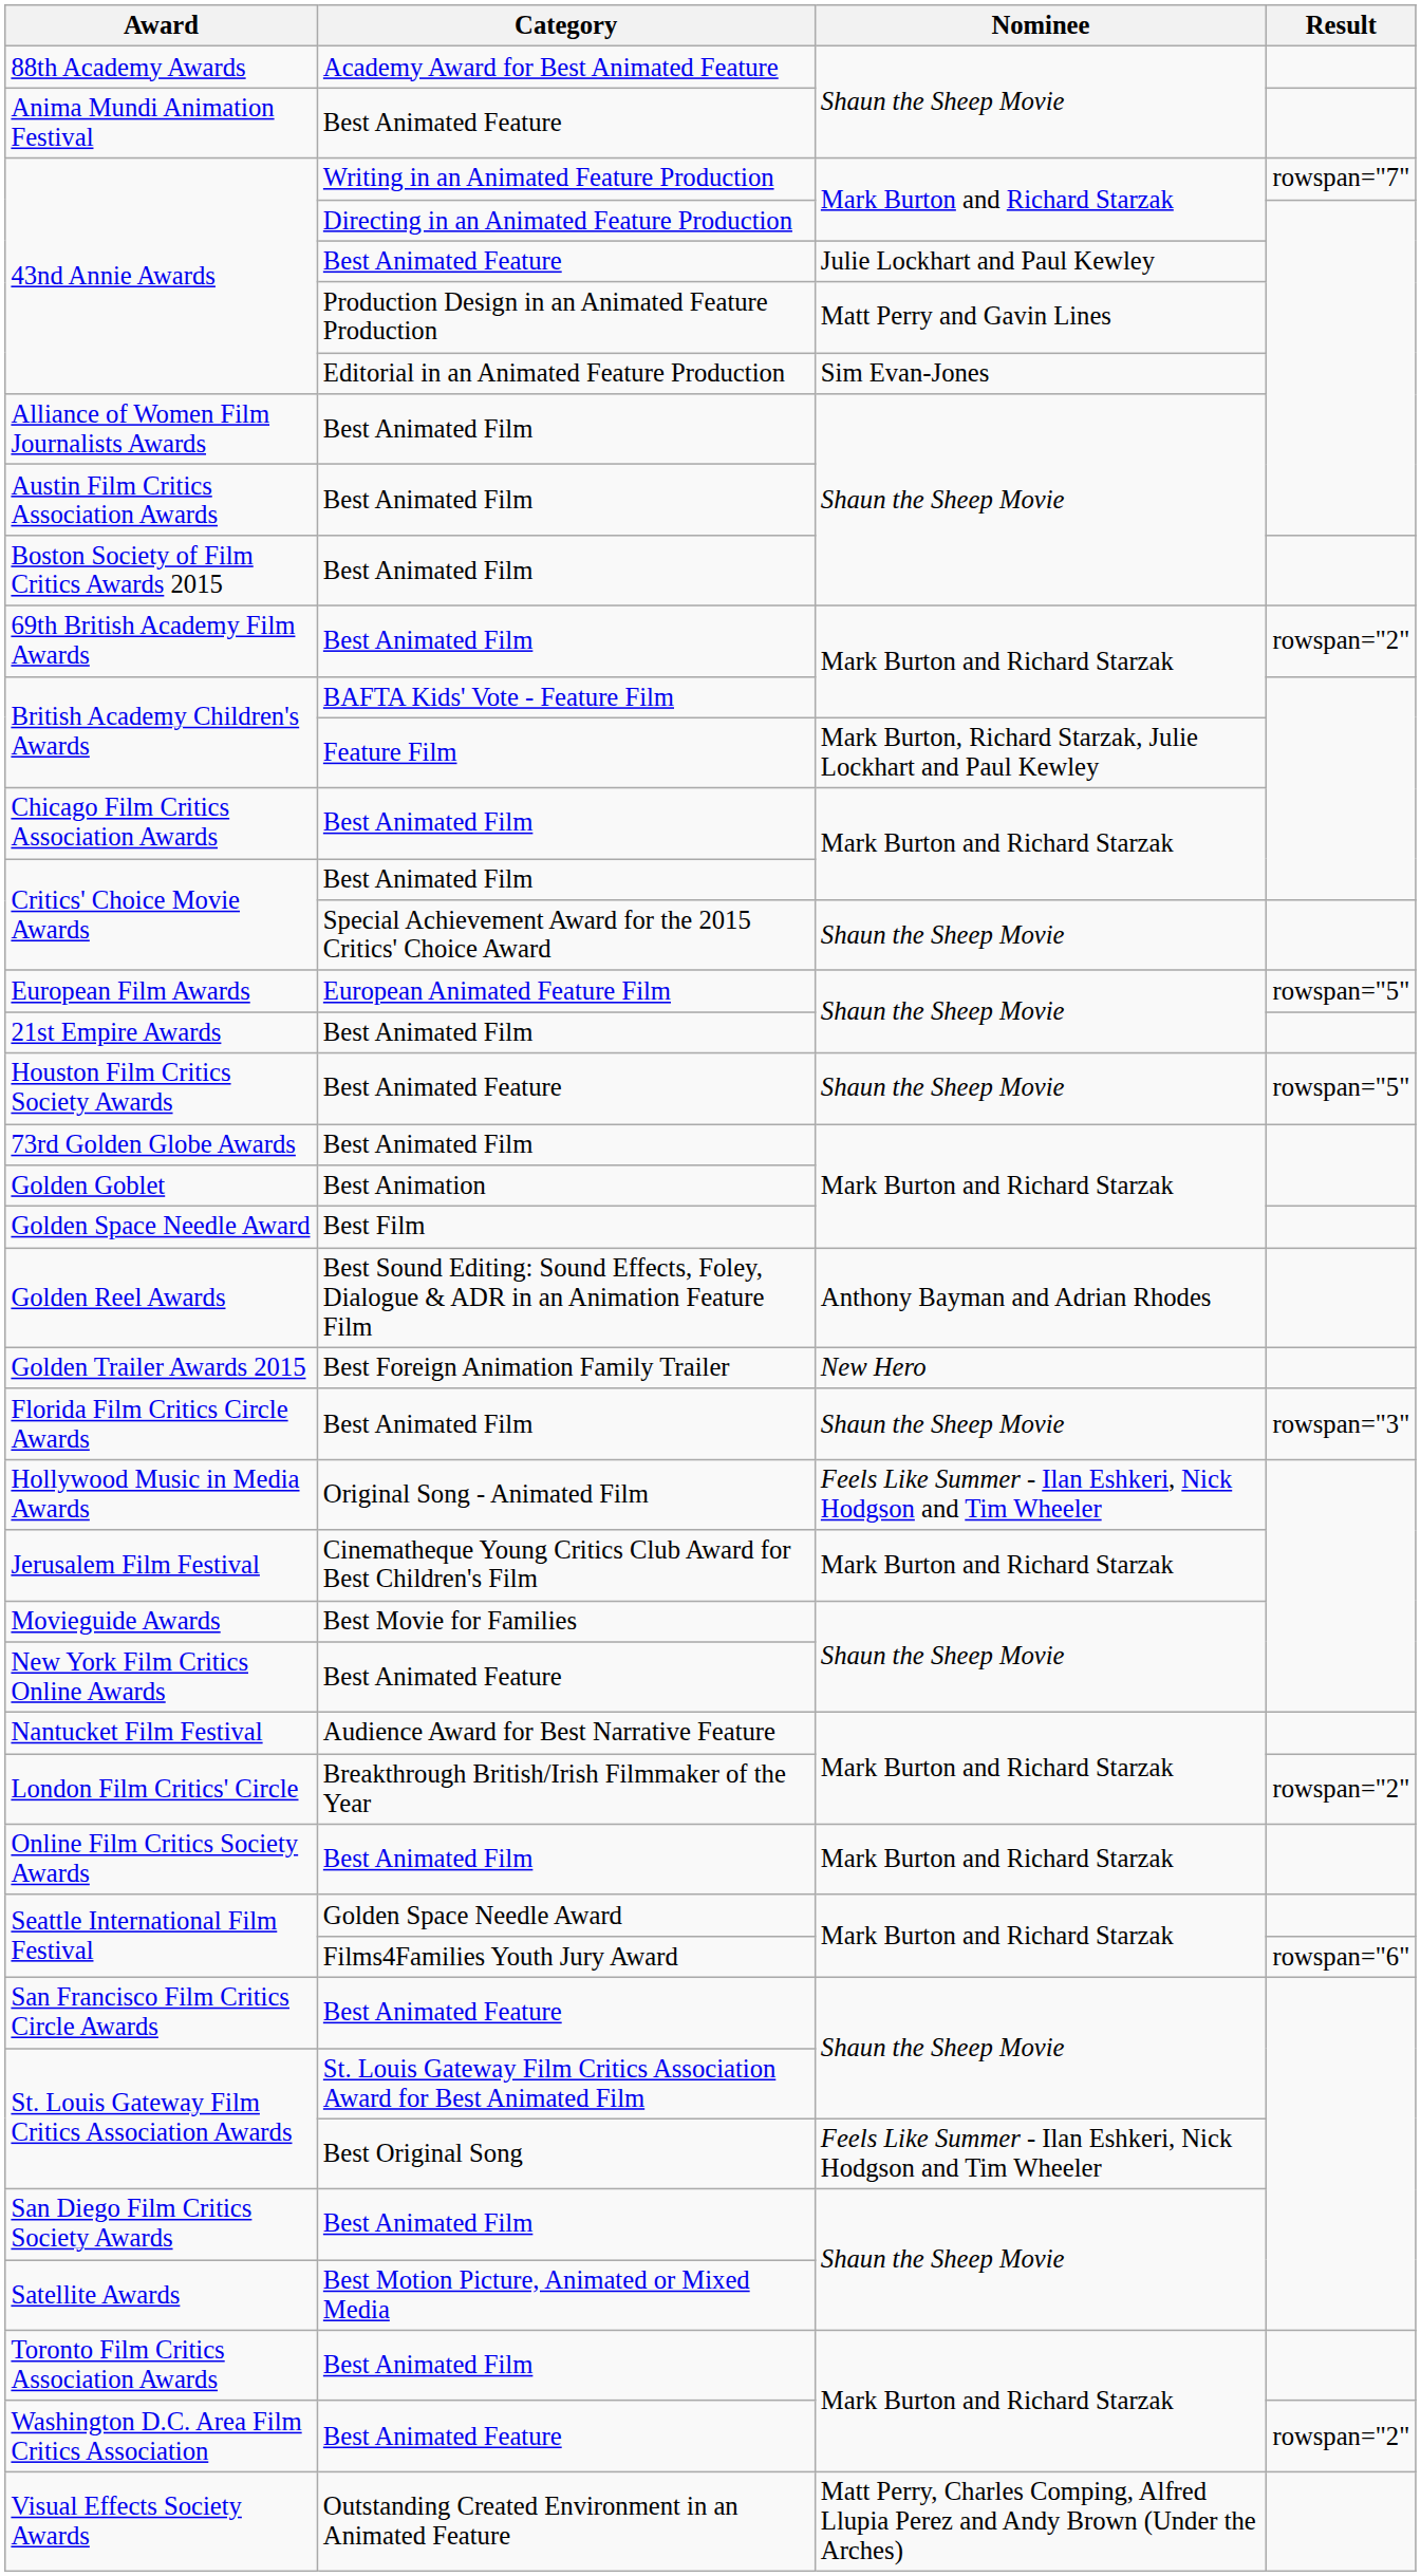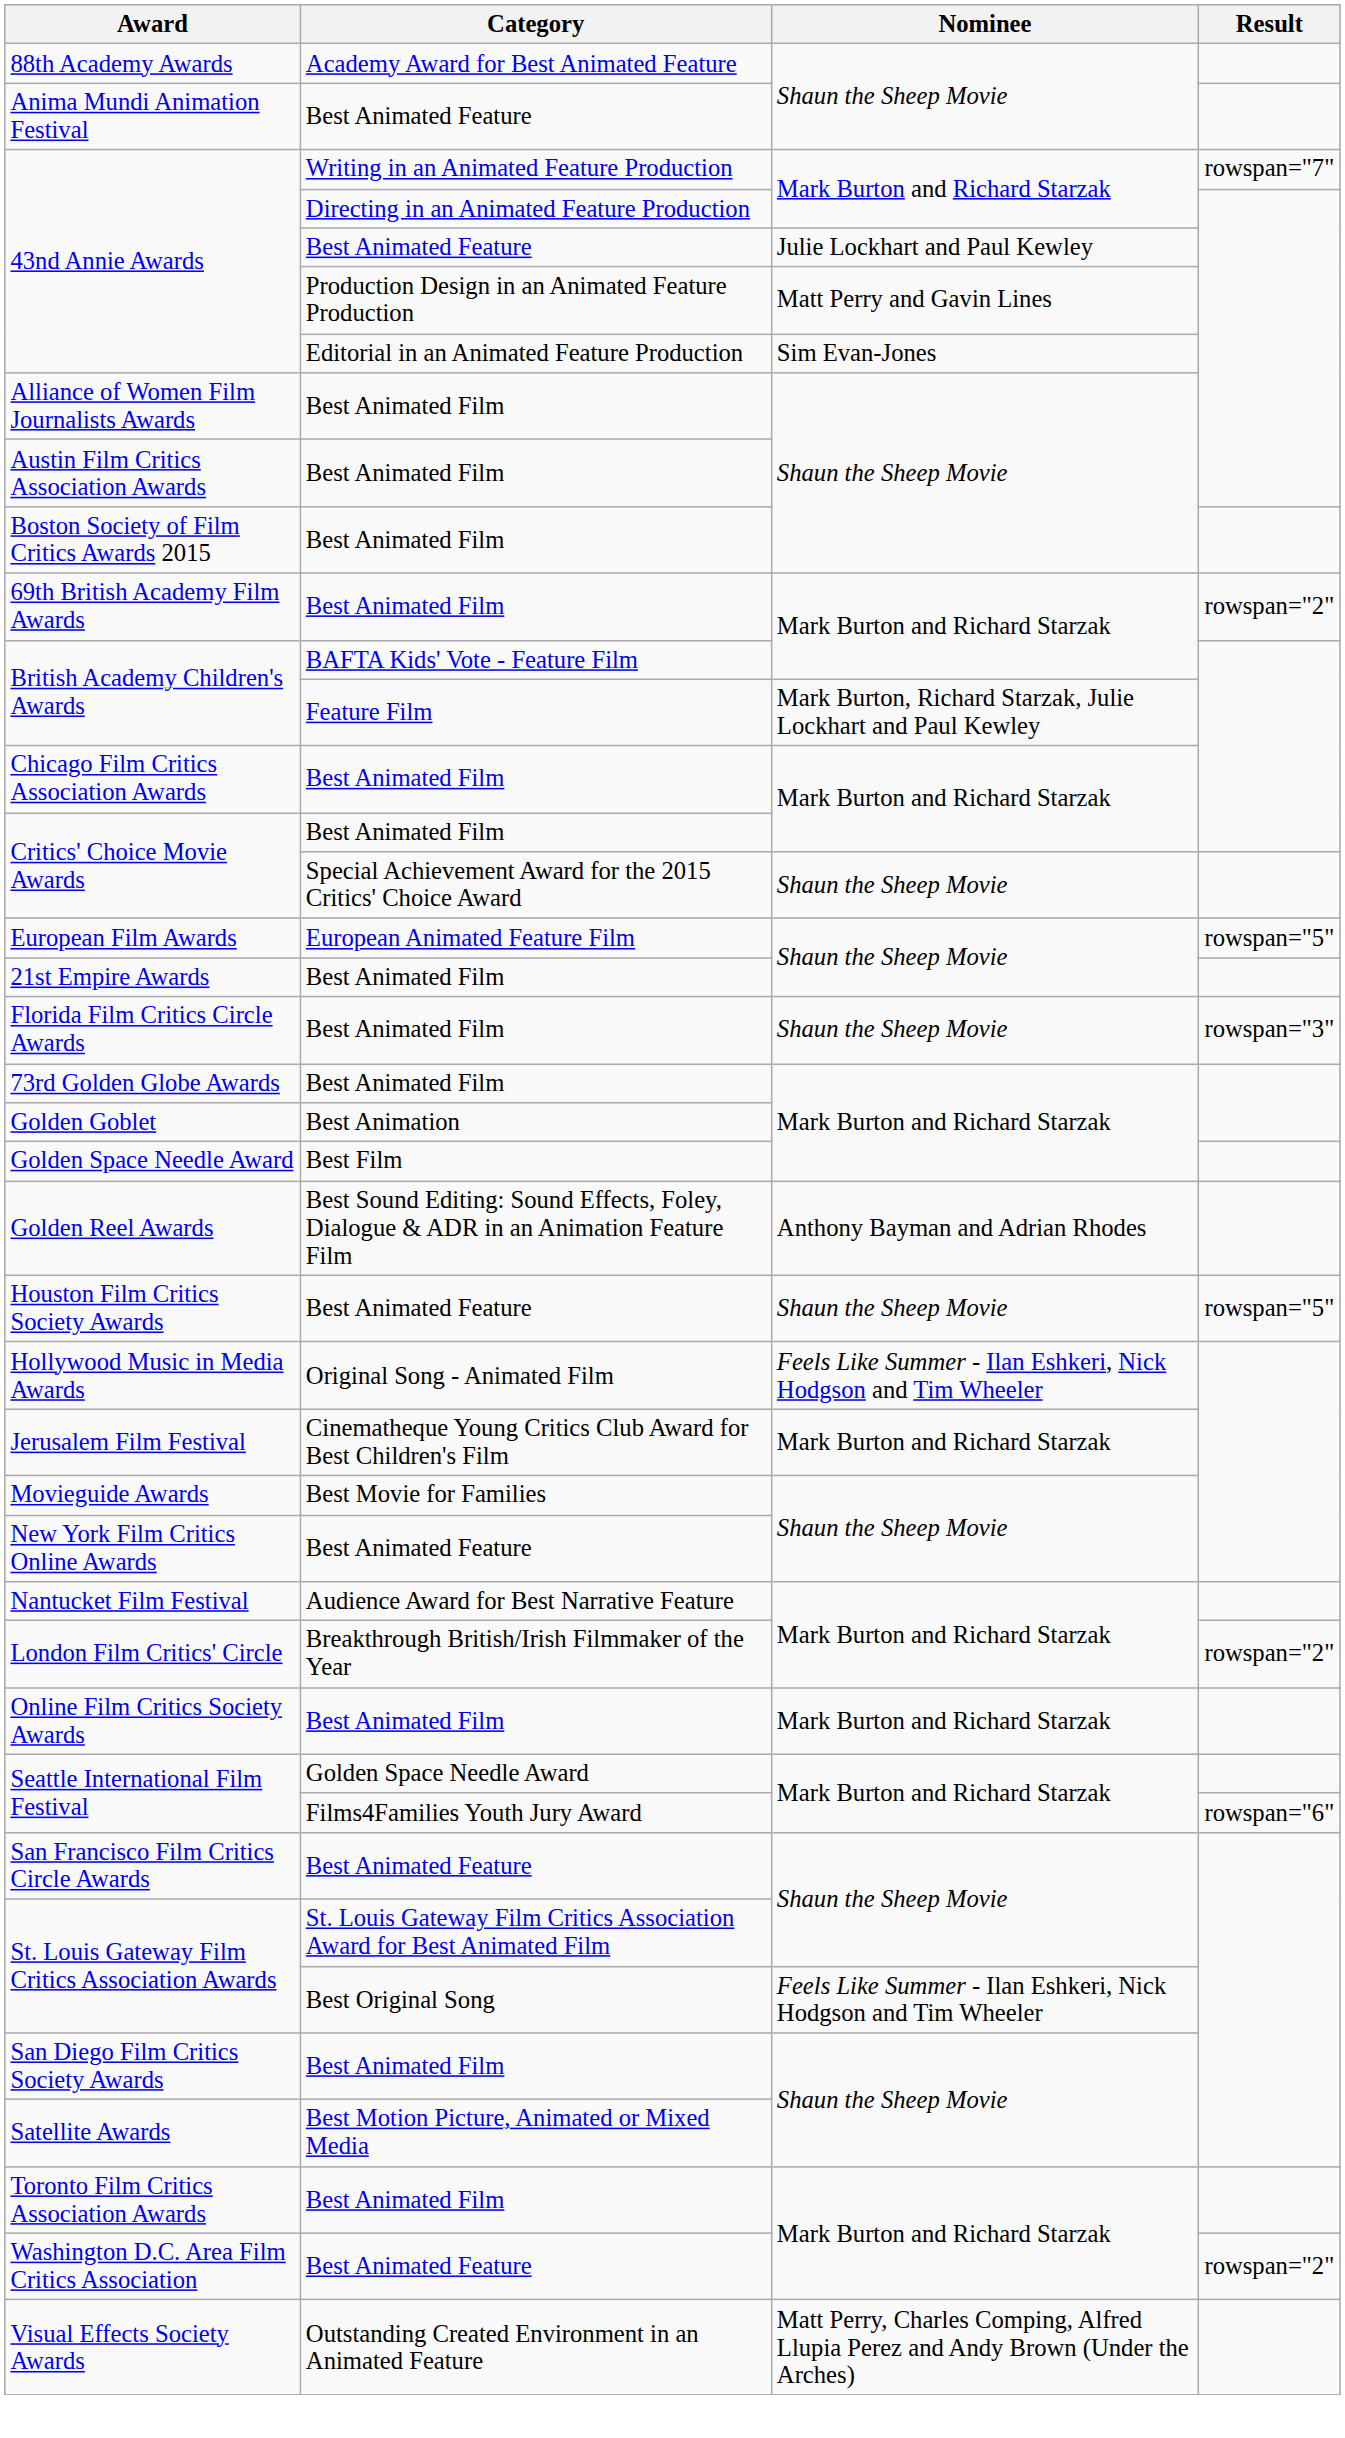 <table class="wikitable sortable">
 <tr>
 <th>Award</th>
 <th>Category</th>
 <th>Nominee</th>
 <th>Result</th>
 </tr>
 <tr>
 <td><a href='#'>88th Academy Awards</a></td>
 <td><a href='#'>Academy Award for Best Animated Feature</a></td>
 <td rowspan="2"><em>Shaun the Sheep Movie</em></td>
 <td></td>
 </tr>
 <tr>
 <td><a href='#'>Anima Mundi Animation Festival</a></td>
 <td>Best Animated Feature</td>
 <td></td>
 </tr>
 <tr>
 <td rowspan="5"><a href='#'>43nd Annie Awards</a></td>
 <td><a href='#'>Writing in an Animated Feature Production</a></td>
 <td rowspan="2"><a href='#'>Mark Burton</a> and <a href='#'>Richard Starzak</a></td>
 <td>rowspan="7" </td>
 </tr>
 <tr>
 <td><a href='#'>Directing in an Animated Feature Production</a></td>
 </tr>
 <tr>
 <td><a href='#'>Best Animated Feature</a></td>
 <td>Julie Lockhart and Paul Kewley</td>
 </tr>
 <tr>
 <td>Production Design in an Animated Feature Production</td>
 <td>Matt Perry and Gavin Lines</td>
 </tr>
 <tr>
 <td>Editorial in an Animated Feature Production</td>
 <td>Sim Evan-Jones</td>
 </tr>
 <tr>
 <td><a href='#'>Alliance of Women Film Journalists Awards</a></td>
 <td>Best Animated Film</td>
 <td rowspan="3"><em>Shaun the Sheep Movie</em></td>
 </tr>
 <tr>
 <td><a href='#'>Austin Film Critics Association Awards</a></td>
 <td>Best Animated Film</td>
 </tr>
 <tr>
 <td><a href='#'>Boston Society of Film Critics Awards</a> 2015</td>
 <td>Best Animated Film</td>
 <td></td>
 </tr>
 <tr>
 <td><a href='#'>69th British Academy Film Awards</a></td>
 <td><a href='#'>Best Animated Film</a></td>
 <td rowspan="2">Mark Burton and Richard Starzak</td>
 <td>rowspan="2" </td>
 </tr>
 <tr>
 <td rowspan=2><a href='#'>British Academy Children's Awards</a></td>
 <td><a href='#'>BAFTA Kids' Vote - Feature Film</a></td>
 </tr>
 <tr>
 <td><a href='#'>Feature Film</a></td>
 <td>Mark Burton, Richard Starzak, Julie Lockhart and Paul Kewley</td>
 </tr>
 <tr>
 <td><a href='#'>Chicago Film Critics Association Awards</a></td>
 <td><a href='#'>Best Animated Film</a></td>
 <td rowspan="2">Mark Burton and Richard Starzak</td>
 </tr>
 <tr>
 <td rowspan="2"><a href='#'>Critics' Choice Movie Awards</a></td>
 <td>Best Animated Film</td>
 </tr>
 <tr>
 <td>Special Achievement Award for the 2015 Critics' Choice Award</td>
 <td><em>Shaun the Sheep Movie</em></td>
 <td></td>
 </tr>
 <tr>
 <td><a href='#'>European Film Awards</a></td>
 <td><a href='#'>European Animated Feature Film</a></td>
 <td rowspan="2"><em>Shaun the Sheep Movie</em></td>
 <td>rowspan="5" </td>
 </tr>
 <tr>
 <td><a href='#'>21st Empire Awards</a></td>
 <td>Best Animated Film</td>
 </tr>
 <tr>
-<td><a href='#'>Houston Film Critics Society Awards</a></td>
-<td>Best Animated Feature</td>
+<td><a href='#'>Florida Film Critics Circle Awards</a></td>
+<td>Best Animated Film</td>
 <td><em>Shaun the Sheep Movie</em></td>
-<td>rowspan="5" </td>
+<td>rowspan="3" </td>
 </tr>
 <tr>
 <td><a href='#'>73rd Golden Globe Awards</a></td>
 <td>Best Animated Film</td>
 <td rowspan="3">Mark Burton and Richard Starzak</td>
 </tr>
 <tr>
 <td><a href='#'>Golden Goblet</a></td>
 <td>Best Animation</td>
 </tr>
 <tr>
 <td><a href='#'>Golden Space Needle Award</a></td>
 <td>Best Film</td>
 <td></td>
 </tr>
 <tr>
 <td><a href='#'>Golden Reel Awards</a></td>
 <td>Best Sound Editing: Sound Effects, Foley, Dialogue & ADR in an Animation Feature Film</td>
 <td>Anthony Bayman and Adrian Rhodes</td>
 <td></td>
 </tr>
 <tr>
-<td><a href='#'>Golden Trailer Awards 2015</a></td>
-<td>Best Foreign Animation Family Trailer</td>
-<td><em>New Hero</em></td>
-<td></td>
-</tr>
-<tr>
-<td><a href='#'>Florida Film Critics Circle Awards</a></td>
-<td>Best Animated Film</td>
+<td><a href='#'>Houston Film Critics Society Awards</a></td>
+<td>Best Animated Feature</td>
 <td><em>Shaun the Sheep Movie</em></td>
-<td>rowspan="3" </td>
+<td>rowspan="5" </td>
 </tr>
 <tr>
 <td><a href='#'>Hollywood Music in Media Awards</a></td>
 <td>Original Song - Animated Film</td>
 <td><em>Feels Like Summer</em> - <a href='#'>Ilan Eshkeri</a>, <a href='#'>Nick Hodgson</a> and <a href='#'>Tim Wheeler</a></td>
 </tr>
 <tr>
 <td><a href='#'>Jerusalem Film Festival</a></td>
 <td>Cinematheque Young Critics Club Award for Best Children's Film</td>
 <td>Mark Burton and Richard Starzak</td>
 </tr>
 <tr>
 <td><a href='#'>Movieguide Awards</a></td>
 <td>Best Movie for Families</td>
 <td rowspan="2"><em>Shaun the Sheep Movie</em></td>
 </tr>
 <tr>
 <td><a href='#'>New York Film Critics Online Awards</a></td>
 <td>Best Animated Feature</td>
 </tr>
 <tr>
 <td><a href='#'>Nantucket Film Festival</a></td>
 <td>Audience Award for Best Narrative Feature</td>
 <td rowspan="2">Mark Burton and Richard Starzak</td>
 <td></td>
 </tr>
 <tr>
 <td><a href='#'>London Film Critics' Circle</a></td>
 <td London Film Critics' Circle Award for Breakthrough British/Irish Filmmaker of the Year>Breakthrough British/Irish Filmmaker of the Year</td>
 <td>rowspan="2" </td>
 </tr>
 <tr>
 <td><a href='#'>Online Film Critics Society Awards</a></td>
 <td><a href='#'>Best Animated Film</a></td>
 <td>Mark Burton and Richard Starzak</td>
 </tr>
 <tr>
 <td rowspan="2"><a href='#'>Seattle International Film Festival</a></td>
 <td>Golden Space Needle Award</td>
 <td rowspan="2">Mark Burton and Richard Starzak</td>
 <td></td>
 </tr>
 <tr>
 <td>Films4Families Youth Jury Award</td>
 <td>rowspan="6" </td>
 </tr>
 <tr>
 <td><a href='#'>San Francisco Film Critics Circle Awards</a></td>
 <td><a href='#'>Best Animated Feature</a></td>
 <td rowspan="2"><em>Shaun the Sheep Movie</em></td>
 </tr>
 <tr>
 <td rowspan="2"><a href='#'>St. Louis Gateway Film Critics Association Awards</a></td>
 <td><a href='#'>St. Louis Gateway Film Critics Association Award for Best Animated Film</a></td>
 </tr>
 <tr>
 <td>Best Original Song</td>
 <td><em>Feels Like Summer</em> - Ilan Eshkeri, Nick Hodgson and Tim Wheeler</td>
 </tr>
 <tr>
 <td><a href='#'>San Diego Film Critics Society Awards</a></td>
 <td><a href='#'>Best Animated Film</a></td>
 <td rowspan="2"><em>Shaun the Sheep Movie</em></td>
 </tr>
 <tr>
 <td><a href='#'>Satellite Awards</a></td>
 <td><a href='#'>Best Motion Picture, Animated or Mixed Media</a></td>
 </tr>
 <tr>
 <td><a href='#'>Toronto Film Critics Association Awards</a></td>
 <td><a href='#'>Best Animated Film</a></td>
 <td rowspan="2">Mark Burton and Richard Starzak</td>
 <td></td>
 </tr>
 <tr>
 <td><a href='#'>Washington D.C. Area Film Critics Association</a></td>
 <td><a href='#'>Best Animated Feature</a></td>
 <td>rowspan="2" </td>
 </tr>
 <tr>
 <td><a href='#'>Visual Effects Society Awards</a></td>
 <td>Outstanding Created Environment in an Animated Feature</td>
 <td>Matt Perry, Charles Comping, Alfred Llupia Perez and Andy Brown (Under the Arches)</td>
 </tr>
 </table>
